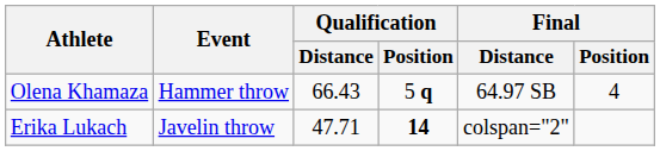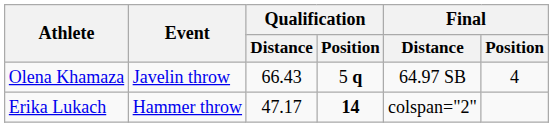 <table class=wikitable style=font-size:90%;text-align:center>
 <tr>
 <th rowspan=2>Athlete</th>
 <th rowspan=2>Event</th>
 <th colspan=2>Qualification</th>
 <th colspan=2>Final</th>
 </tr>
 <tr style=font-size:95%>
 <th>Distance</th>
 <th>Position</th>
 <th>Distance</th>
 <th>Position</th>
 </tr>
 <tr>
 <td align=left><a href='#'>Olena Khamaza</a></td>
-<td align=left><a href='#'>Hammer throw</a></td>
+<td align=left><a href='#'>Javelin throw</a></td>
 <td>66.43</td>
 <td>5 <strong>q</strong></td>
 <td>64.97 SB</td>
 <td>4</td>
 </tr>
 <tr>
 <td align=left><a href='#'>Erika Lukach</a></td>
-<td align=left><a href='#'>Javelin throw</a></td>
-<td>47.71</td>
+<td align=left><a href='#'>Hammer throw</a></td>
+<td>47.17</td>
 <td><strong>14</strong></td>
 <td>colspan="2" </td>
 </tr>
 </table>
